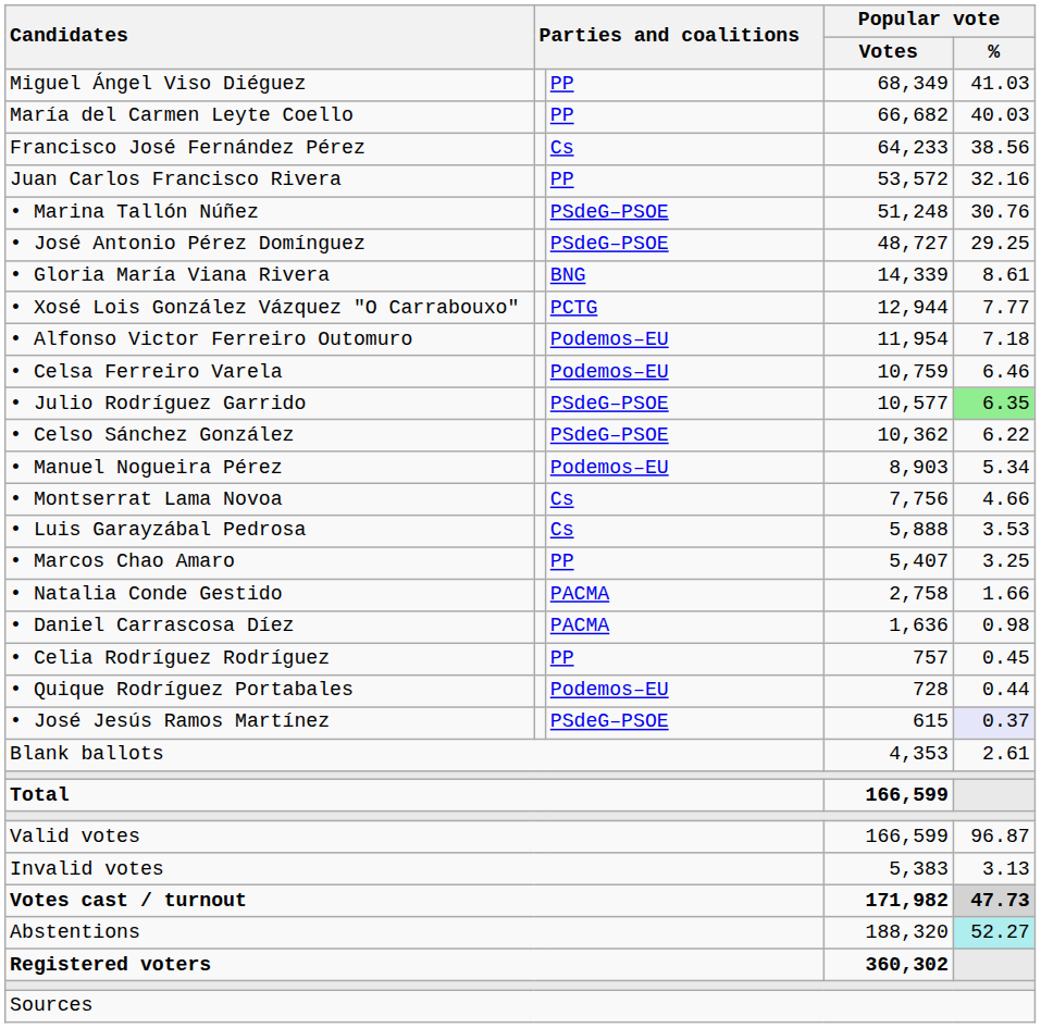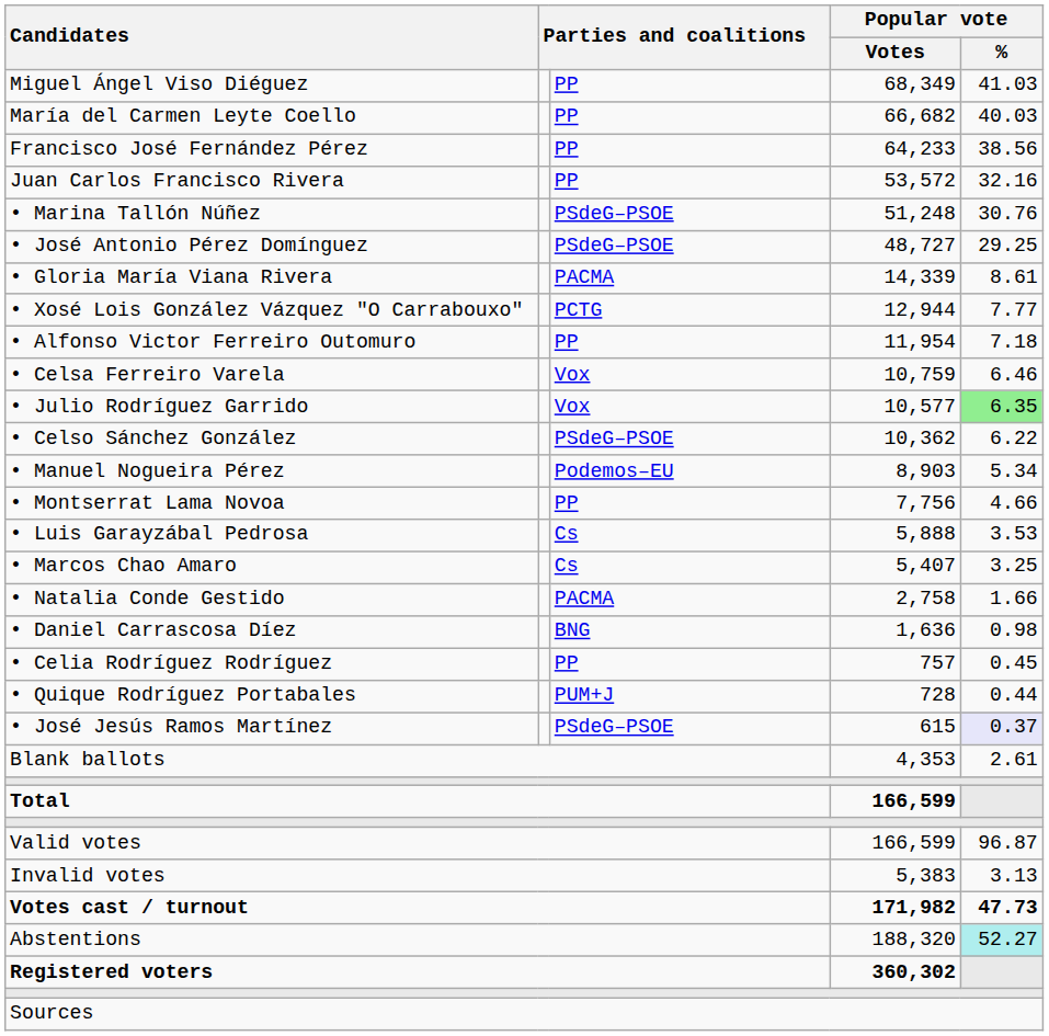 <table class="wikitable" style="text-align:right; font-size:95%;">
 <tr>
 <th style="text-align:left;" rowspan="2" width="325">Candidates</th>
 <th style="text-align:left;" rowspan="2" colspan="2" width="175">Parties and coalitions</th>
 <th colspan="2">Popular vote</th>
 </tr>
 <tr>
 <th width="75">Votes</th>
 <th width="45">%</th>
 </tr>
 <tr>
 <td align="left"> Miguel Ángel Viso Diéguez</td>
 <td width="1" style="color:inherit;background:"></td>
 <td align="left"><a href='#'>PP</a></td>
 <td>68,349</td>
 <td>41.03</td>
 </tr>
 <tr>
 <td align="left"> María del Carmen Leyte Coello</td>
 <td style="color:inherit;background:"></td>
 <td align="left"><a href='#'>PP</a></td>
 <td>66,682</td>
 <td>40.03</td>
 </tr>
 <tr>
 <td align="left"> Francisco José Fernández Pérez</td>
 <td style="color:inherit;background:"></td>
-<td align="left"><a href='#'>Cs</a></td>
+<td align="left"><a href='#'>PP</a></td>
 <td>64,233</td>
 <td>38.56</td>
 </tr>
 <tr>
 <td align="left"> Juan Carlos Francisco Rivera</td>
 <td style="color:inherit;background:"></td>
 <td align="left"><a href='#'>PP</a></td>
 <td>53,572</td>
 <td>32.16</td>
 </tr>
 <tr>
 <td align="left">• Marina Tallón Núñez</td>
 <td style="color:inherit;background:"></td>
 <td align="left"><a href='#'>PSdeG–PSOE</a></td>
 <td>51,248</td>
 <td>30.76</td>
 </tr>
 <tr>
 <td align="left">• José Antonio Pérez Domínguez</td>
 <td style="color:inherit;background:"></td>
 <td align="left"><a href='#'>PSdeG–PSOE</a></td>
 <td>48,727</td>
 <td>29.25</td>
 </tr>
 <tr>
 <td align="left">• Gloria María Viana Rivera</td>
 <td style="color:inherit;background:"></td>
-<td align="left"><a href='#'>BNG</a></td>
+<td align="left"><a href='#'>PACMA</a></td>
 <td>14,339</td>
 <td>8.61</td>
 </tr>
 <tr>
 <td align="left">• Xosé Lois González Vázquez "O Carrabouxo"</td>
 <td style="color:inherit;background:"></td>
 <td align="left"><a href='#'>PCTG</a></td>
 <td>12,944</td>
 <td>7.77</td>
 </tr>
 <tr>
 <td align="left">• Alfonso Victor Ferreiro Outomuro</td>
 <td style="color:inherit;background:"></td>
-<td align="left"><a href='#'>Podemos–EU</a></td>
+<td align="left"><a href='#'>PP</a></td>
 <td>11,954</td>
 <td>7.18</td>
 </tr>
 <tr>
 <td align="left">• Celsa Ferreiro Varela</td>
 <td style="color:inherit;background:"></td>
-<td align="left"><a href='#'>Podemos–EU</a></td>
+<td align="left"><a href='#'>Vox</a></td>
 <td>10,759</td>
 <td>6.46</td>
 </tr>
 <tr>
 <td align="left">• Julio Rodríguez Garrido</td>
 <td style="color:inherit;background:"></td>
-<td align="left"><a href='#'>PSdeG–PSOE</a></td>
+<td align="left"><a href='#'>Vox</a></td>
 <td>10,577</td>
 <td style="background: lightgreen;">6.35</td>
 </tr>
 <tr>
 <td align="left">• Celso Sánchez González</td>
 <td style="color:inherit;background:"></td>
 <td align="left"><a href='#'>PSdeG–PSOE</a></td>
 <td>10,362</td>
 <td>6.22</td>
 </tr>
 <tr>
 <td align="left">• Manuel Nogueira Pérez</td>
 <td style="color:inherit;background:"></td>
 <td align="left"><a href='#'>Podemos–EU</a></td>
 <td>8,903</td>
 <td>5.34</td>
 </tr>
 <tr>
 <td align="left">• Montserrat Lama Novoa</td>
 <td style="color:inherit;background:"></td>
-<td align="left"><a href='#'>Cs</a></td>
+<td align="left"><a href='#'>PP</a></td>
 <td>7,756</td>
 <td>4.66</td>
 </tr>
 <tr>
 <td align="left">• Luis Garayzábal Pedrosa</td>
 <td style="color:inherit;background:"></td>
 <td align="left"><a href='#'>Cs</a></td>
 <td>5,888</td>
 <td>3.53</td>
 </tr>
 <tr>
 <td align="left">• Marcos Chao Amaro</td>
 <td style="color:inherit;background:"></td>
-<td align="left"><a href='#'>PP</a></td>
+<td align="left"><a href='#'>Cs</a></td>
 <td>5,407</td>
 <td>3.25</td>
 </tr>
 <tr>
 <td align="left">• Natalia Conde Gestido</td>
 <td style="color:inherit;background:"></td>
 <td align="left"><a href='#'>PACMA</a></td>
 <td>2,758</td>
 <td>1.66</td>
 </tr>
 <tr>
 <td align="left">• Daniel Carrascosa Díez</td>
 <td style="color:inherit;background:"></td>
-<td align="left"><a href='#'>PACMA</a></td>
+<td align="left"><a href='#'>BNG</a></td>
 <td>1,636</td>
 <td>0.98</td>
 </tr>
 <tr>
 <td align="left">• Celia Rodríguez Rodríguez</td>
 <td style="color:inherit;background:"></td>
 <td align="left"><a href='#'>PP</a></td>
 <td>757</td>
 <td>0.45</td>
 </tr>
 <tr>
 <td align="left">• Quique Rodríguez Portabales</td>
 <td style="color:inherit;background:"></td>
-<td align="left"><a href='#'>Podemos–EU</a></td>
+<td align="left"><a href='#'>PUM+J</a></td>
 <td>728</td>
 <td>0.44</td>
 </tr>
 <tr>
 <td align="left">• José Jesús Ramos Martínez</td>
 <td style="color:inherit;background:"></td>
 <td align="left"><a href='#'>PSdeG–PSOE</a></td>
 <td>615</td>
 <td style="background: lavender;">0.37</td>
 </tr>
 <tr>
 <td align="left" colspan="3">Blank ballots</td>
 <td>4,353</td>
 <td>2.61</td>
 </tr>
 <tr>
 <td colspan="5" bgcolor="#E9E9E9"></td>
 </tr>
 <tr style="font-weight:bold;">
 <td align="left" colspan="3">Total</td>
 <td>166,599</td>
 <td bgcolor="#E9E9E9"></td>
 </tr>
 <tr>
 <td colspan="5" bgcolor="#E9E9E9"></td>
 </tr>
 <tr>
 <td align="left" colspan="3">Valid votes</td>
 <td>166,599</td>
 <td>96.87</td>
 </tr>
 <tr>
 <td align="left" colspan="3">Invalid votes</td>
 <td>5,383</td>
 <td>3.13</td>
 </tr>
 <tr style="font-weight:bold;">
 <td align="left" colspan="3">Votes cast / turnout</td>
 <td>171,982</td>
-<td style="background: lightgrey;">47.73</td>
+<td>47.73</td>
 </tr>
 <tr>
 <td align="left" colspan="3">Abstentions</td>
 <td>188,320</td>
 <td style="background: paleturquoise;">52.27</td>
 </tr>
 <tr style="font-weight:bold;">
 <td align="left" colspan="3">Registered voters</td>
 <td>360,302</td>
 <td bgcolor="#E9E9E9"></td>
 </tr>
 <tr>
 <td colspan="5" bgcolor="#E9E9E9"></td>
 </tr>
 <tr>
 <td align="left" colspan="5">Sources</td>
 </tr>
 </table>
